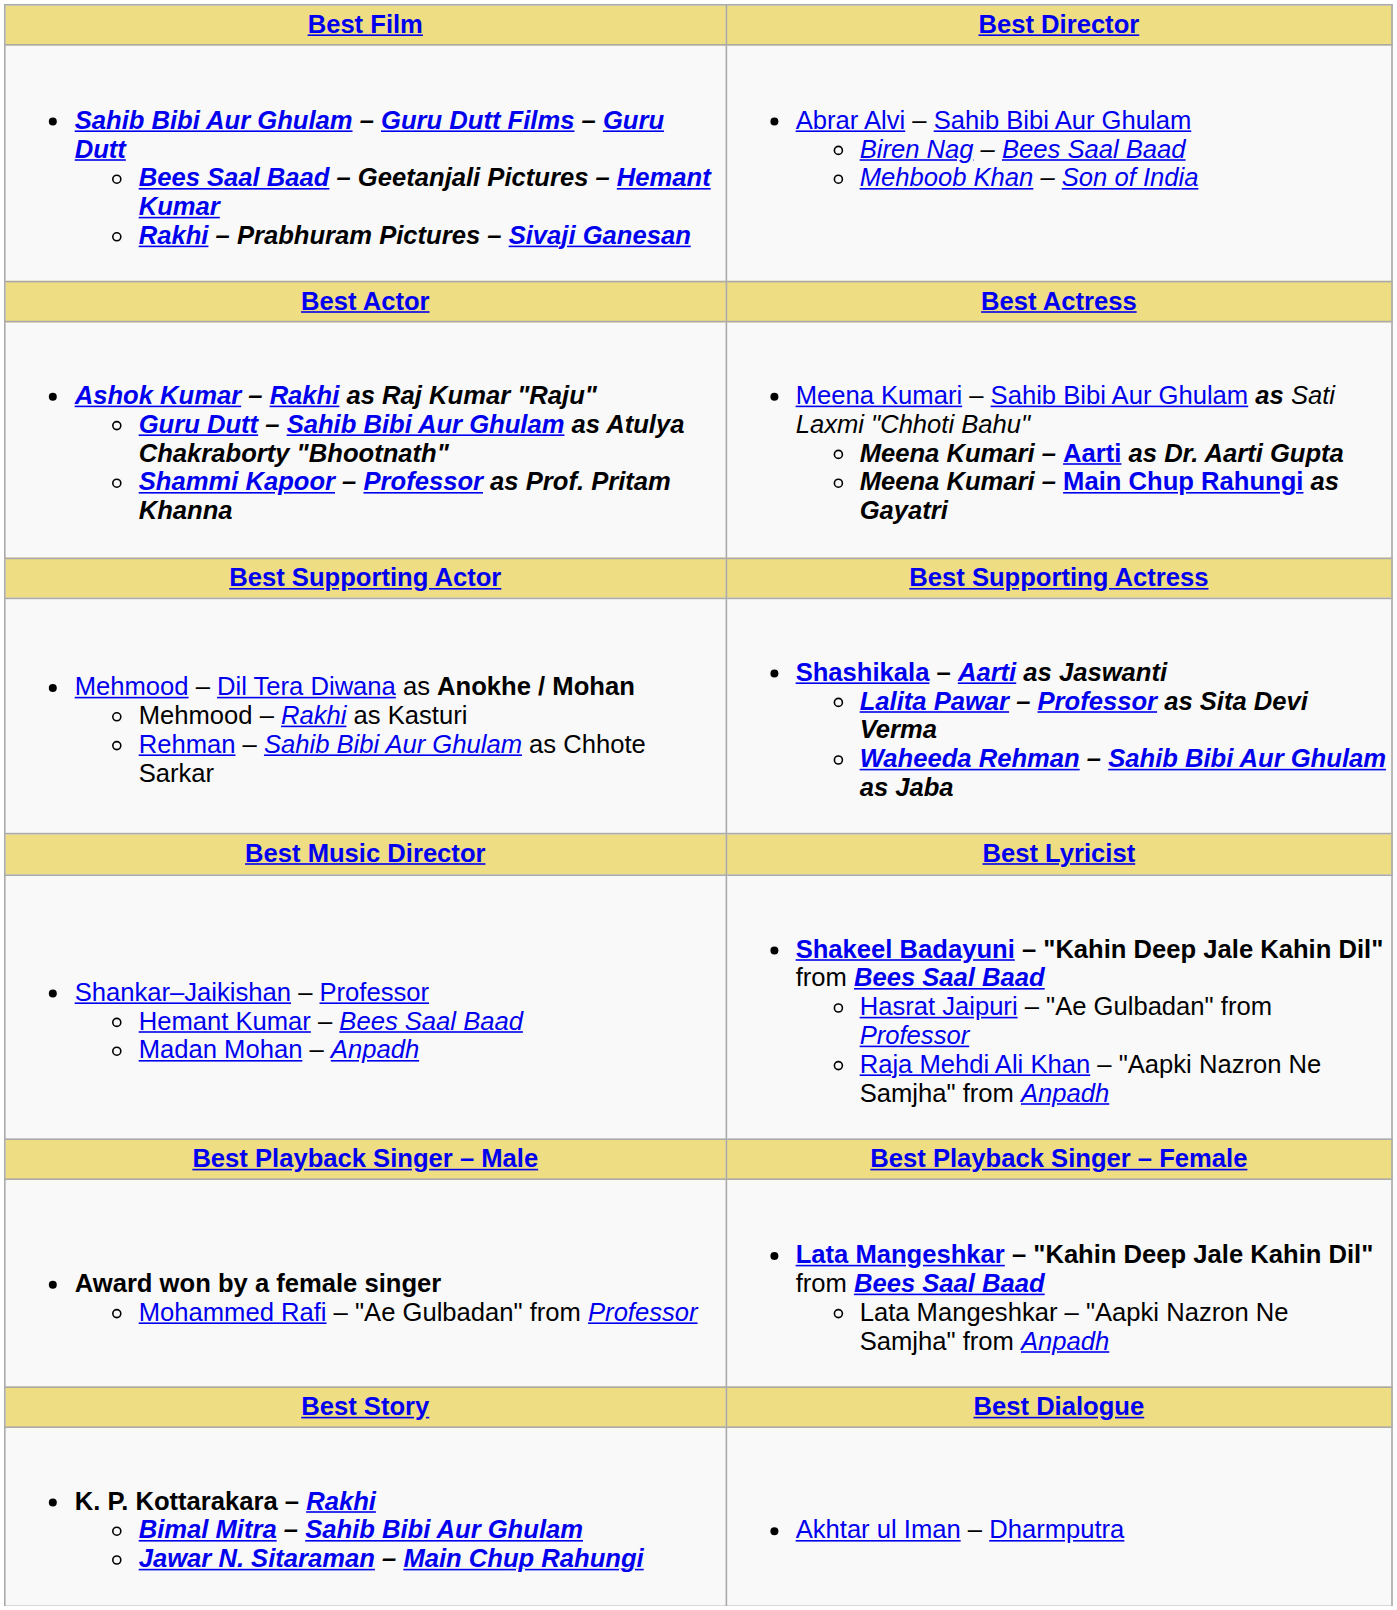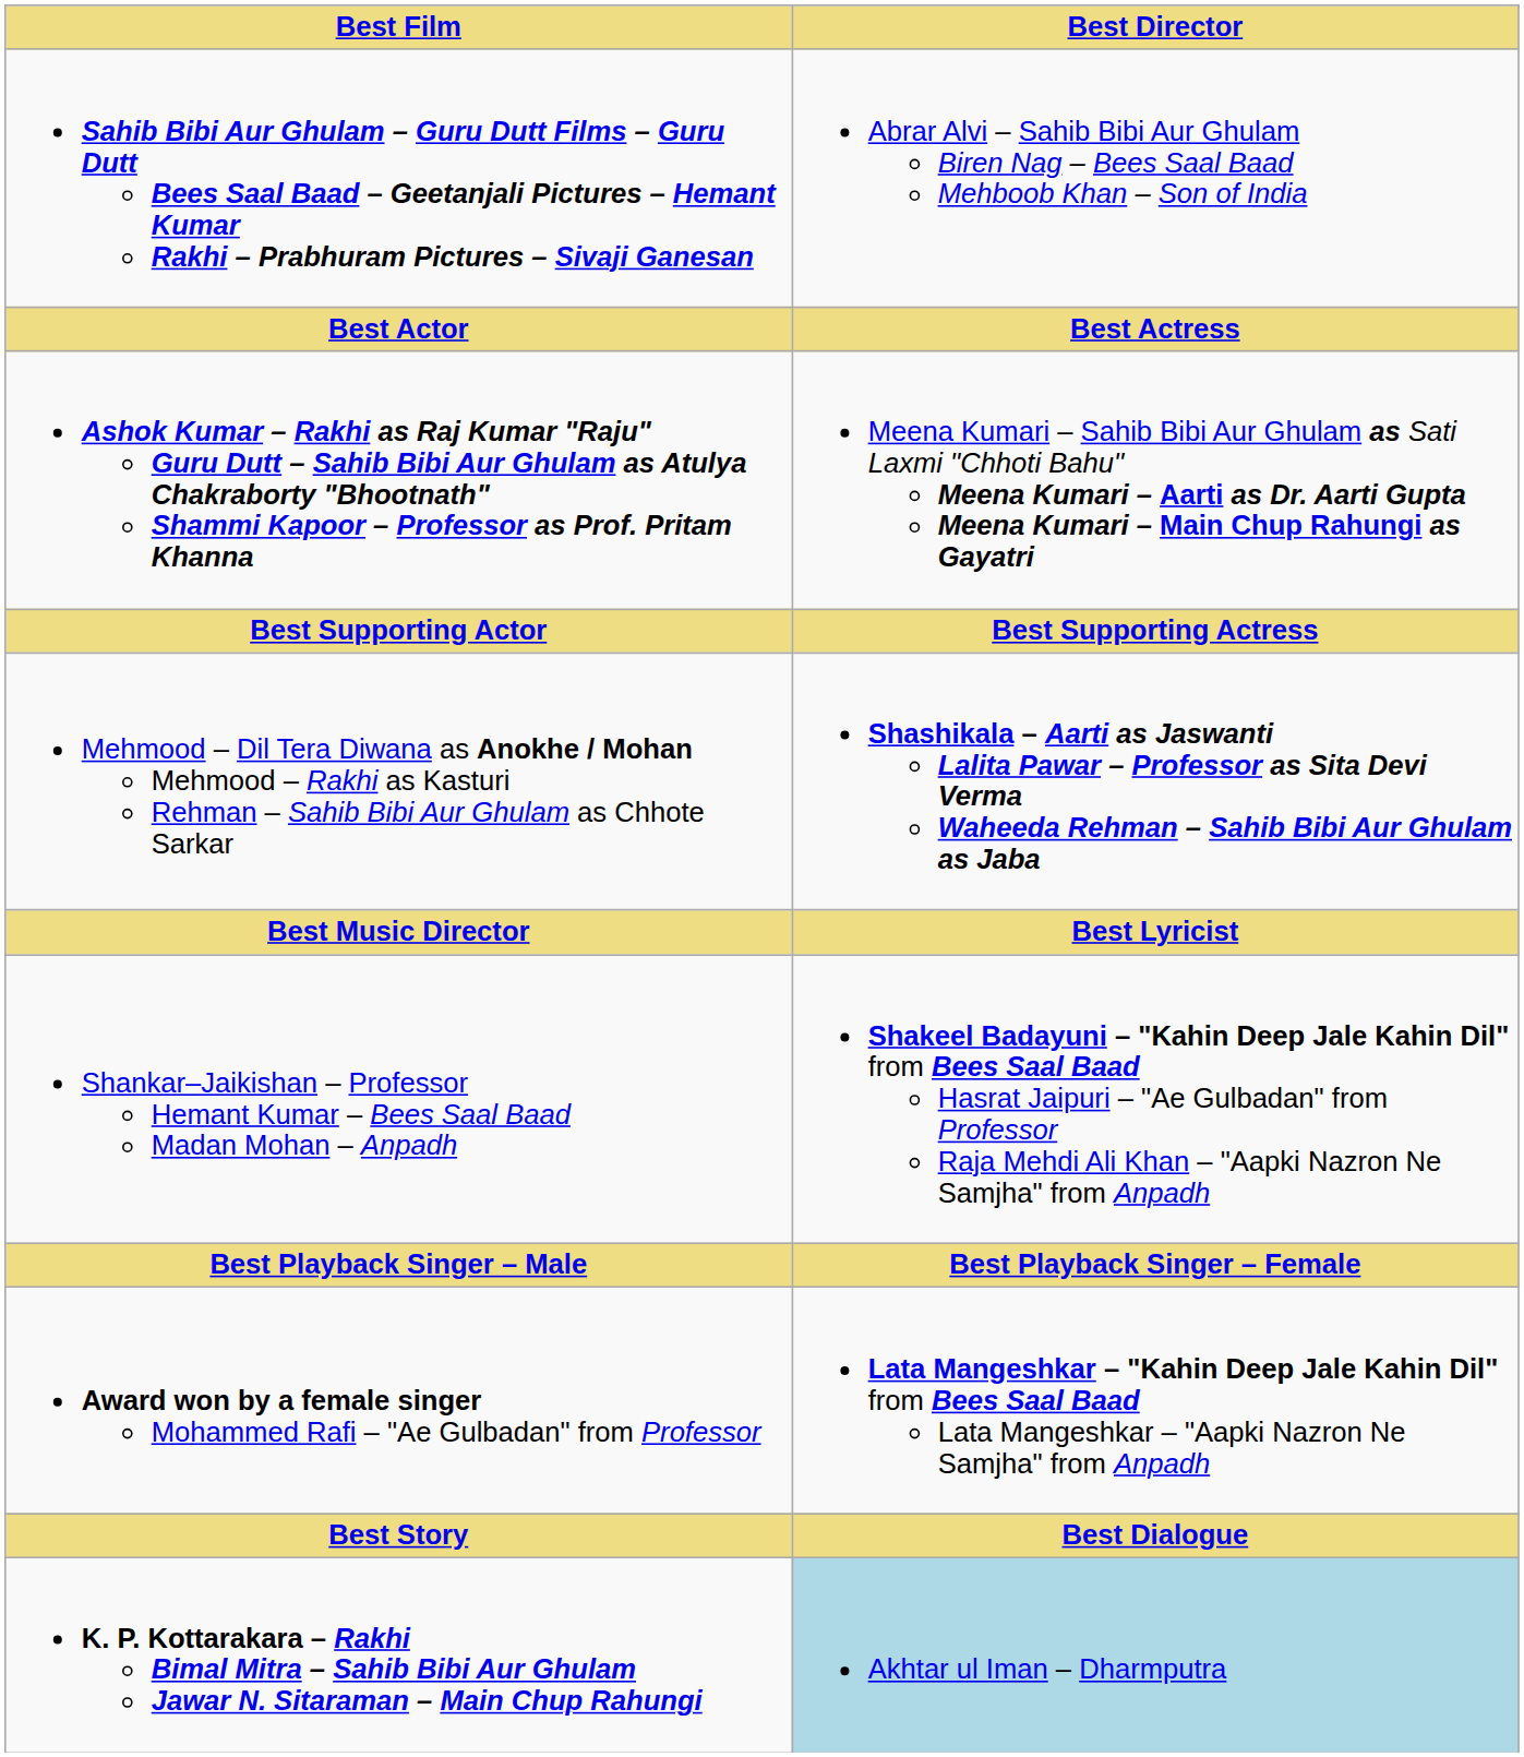 <table class="wikitable">
 <tr>
 <th style="background:#EEDD82;"><a href='#'>Best Film</a></th>
 <th style="background:#EEDD82;"><a href='#'>Best Director</a></th>
 </tr>
 <tr>
 <td valign="top"><br><ul><li><strong><em><a href='#'>Sahib Bibi Aur Ghulam</a><em> – <a href='#'>Guru Dutt Films</a> – <a href='#'>Guru Dutt</a> <strong><ul><li></em><a href='#'>Bees Saal Baad</a><em> – Geetanjali Pictures – <a href='#'>Hemant Kumar</a></li><li></em><a href='#'>Rakhi</a><em> – Prabhuram Pictures – <a href='#'>Sivaji Ganesan</a></li></ul></li></ul></td>
 <td valign="top"><br><ul><li></em></strong><a href='#'>Abrar Alvi</a> – <a href='#'>Sahib Bibi Aur Ghulam</a></em> </strong><ul><li><em><a href='#'>Biren Nag</a> – <a href='#'>Bees Saal Baad</a></em></li><li><em><a href='#'>Mehboob Khan</a> – <a href='#'>Son of India</a></em></li></ul></li></ul></td>
 </tr>
 <tr>
 <th style="background:#EEDD82;"><a href='#'>Best Actor</a></th>
 <th style="background:#EEDD82;"><a href='#'>Best Actress</a></th>
 </tr>
 <tr>
 <td><br><ul><li><strong><em><a href='#'>Ashok Kumar</a> – <a href='#'>Rakhi</a><em> <strong>as </strong>Raj Kumar "Raju"<strong><ul><li><a href='#'>Guru Dutt</a> – </em><a href='#'>Sahib Bibi Aur Ghulam</a><em> as Atulya Chakraborty "Bhootnath"</li><li><a href='#'>Shammi Kapoor</a> – </em><a href='#'>Professor</a><em> as Prof. Pritam Khanna</li></ul></li></ul></td>
 <td><br><ul><li></em></strong><a href='#'>Meena Kumari</a> – <a href='#'>Sahib Bibi Aur Ghulam</a><strong><em> as </strong>Sati Laxmi "Chhoti Bahu"<strong><ul><li>Meena Kumari – </em><a href='#'>Aarti</a><em> as Dr. Aarti Gupta</li><li>Meena Kumari – </em><a href='#'>Main Chup Rahungi</a><em> as Gayatri</li></ul></li></ul></td>
 </tr>
 <tr>
 <th style="background:#EEDD82;"><a href='#'>Best Supporting Actor</a></th>
 <th style="background:#EEDD82;"><a href='#'>Best Supporting Actress</a></th>
 </tr>
 <tr>
 <td><br><ul><li></strong><a href='#'>Mehmood</a> – </em><a href='#'>Dil Tera Diwana</a></em></strong> as <strong>Anokhe / Mohan</strong><ul><li>Mehmood – <em><a href='#'>Rakhi</a></em> as Kasturi</li><li><a href='#'>Rehman</a> – <em><a href='#'>Sahib Bibi Aur Ghulam</a></em> as Chhote Sarkar</li></ul></li></ul></td>
 <td><br><ul><li><strong><a href='#'>Shashikala</a> – <em><a href='#'>Aarti</a><strong><em> as </strong>Jaswanti<strong><ul><li><a href='#'>Lalita Pawar</a> – </em><a href='#'>Professor</a><em> as Sita Devi Verma</li><li><a href='#'>Waheeda Rehman</a> – </em><a href='#'>Sahib Bibi Aur Ghulam</a><em> as Jaba</li></ul></li></ul></td>
 </tr>
 <tr>
 <th style="background:#EEDD82;"><a href='#'>Best Music Director</a></th>
 <th style="background:#EEDD82;"><a href='#'>Best Lyricist</a></th>
 </tr>
 <tr>
 <td><br><ul><li></strong><a href='#'>Shankar–Jaikishan</a> – </em><a href='#'>Professor</a></em></strong><ul><li><a href='#'>Hemant Kumar</a> – <em><a href='#'>Bees Saal Baad</a></em></li><li><a href='#'>Madan Mohan</a> – <em><a href='#'>Anpadh</a></em></li></ul></li></ul></td>
 <td><br><ul><li><strong><a href='#'>Shakeel Badayuni</a> – "Kahin Deep Jale Kahin Dil"</strong> from <strong><em><a href='#'>Bees Saal Baad</a></em></strong><ul><li><a href='#'>Hasrat Jaipuri</a> – "Ae Gulbadan" from <em><a href='#'>Professor</a></em></li><li><a href='#'>Raja Mehdi Ali Khan</a> – "Aapki Nazron Ne Samjha" from <em><a href='#'>Anpadh</a></em></li></ul></li></ul></td>
 </tr>
 <tr>
 <th style="background:#EEDD82;"><a href='#'>Best Playback Singer – Male</a></th>
 <th style="background:#EEDD82;"><a href='#'>Best Playback Singer – Female</a></th>
 </tr>
 <tr>
 <td><br><ul><li><strong>Award won by a female singer</strong><ul><li><a href='#'>Mohammed Rafi</a> – "Ae Gulbadan" from <em><a href='#'>Professor</a></em></li></ul></li></ul></td>
 <td><br><ul><li><strong><a href='#'>Lata Mangeshkar</a> – "Kahin Deep Jale Kahin Dil"</strong> from <strong><em><a href='#'>Bees Saal Baad</a></em></strong><ul><li>Lata Mangeshkar – "Aapki Nazron Ne Samjha" from <em><a href='#'>Anpadh</a></em></li></ul></li></ul></td>
 </tr>
 <tr>
 <th style="background:#EEDD82;"><a href='#'>Best Story</a></th>
 <th style="background:#EEDD82;"><a href='#'>Best Dialogue</a></th>
 </tr>
 <tr>
 <td><br><ul><li><strong>K. P. Kottarakara – <em><a href='#'>Rakhi</a><strong><em><ul><li><a href='#'>Bimal Mitra</a> – </em><a href='#'>Sahib Bibi Aur Ghulam</a><em></li><li><a href='#'>Jawar N. Sitaraman</a> – </em><a href='#'>Main Chup Rahungi</a><em></li></ul></li></ul></td>
-<td><br><ul><li></strong><a href='#'>Akhtar ul Iman</a> – </em><a href='#'>Dharmputra</a></em></strong></li></ul></td>
+<td style="background: lightblue;"><br><ul><li></strong><a href='#'>Akhtar ul Iman</a> – </em><a href='#'>Dharmputra</a></em></strong></li></ul></td>
 </tr>
 </table>
